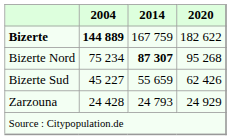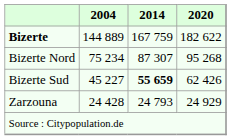 <table align="center" rules="all" cellspacing="0" cellpadding="4" style="border: 1px solid #999; border-right: 2px solid #999; border-bottom:2px solid #999; background: #f3fff3">
 <tr style="background: #ddffdd">
 <th></th>
 <th>2004</th>
 <th>2014</th>
 <th>2020</th>
 </tr>
 <tr>
 <td><strong>Bizerte</strong></td>
-<td align=right><strong>144 889</strong></td>
+<td align=right>144 889</td>
 <td align=right>167 759</td>
 <td align=right>182 622</td>
 </tr>
 <tr>
 <td>Bizerte Nord</td>
 <td align="right">75 234</td>
-<td align="right"><strong>87 307</strong></td>
+<td align="right">87 307</td>
 <td align="right">95 268</td>
 </tr>
 <tr>
 <td>Bizerte Sud</td>
 <td align="right">45 227</td>
-<td align="right">55 659</td>
+<td align="right"><strong>55 659</strong></td>
 <td align="right">62 426</td>
 </tr>
 <tr>
 <td>Zarzouna</td>
 <td align="right">24 428</td>
 <td align="right">24 793</td>
 <td align="right">24 929</td>
 </tr>
 <tr>
 <td colspan=11 align=left><small>Source : Citypopulation.de</small></td>
 </tr>
 </table>
